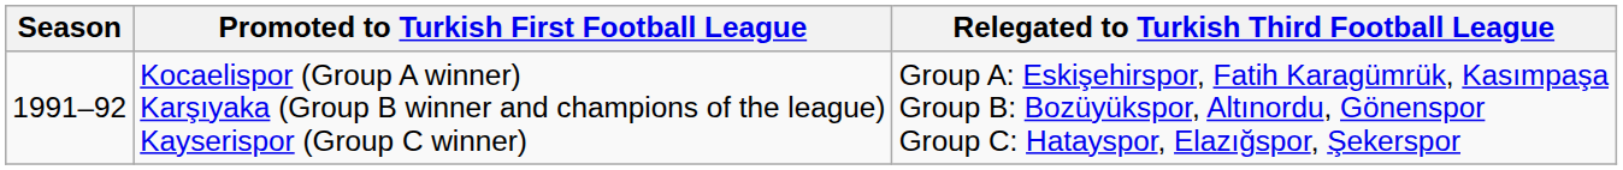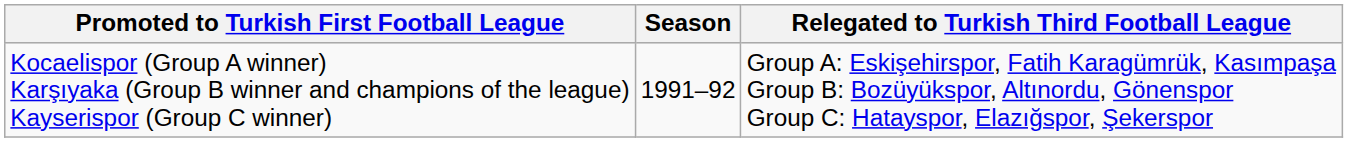 <table class="wikitable">
 <tr>
+<th>Promoted to <a href='#'>Turkish First Football League</a></th>
 <th>Season</th>
-<th>Promoted to <a href='#'>Turkish First Football League</a></th>
 <th>Relegated to <a href='#'>Turkish Third Football League</a></th>
 </tr>
 <tr>
+<td><a href='#'>Kocaelispor</a> (Group A winner)<br><a href='#'>Karşıyaka</a> (Group B winner and champions of the league)<br><a href='#'>Kayserispor</a> (Group C winner)</td>
 <td>1991–92</td>
-<td><a href='#'>Kocaelispor</a> (Group A winner)<br><a href='#'>Karşıyaka</a> (Group B winner and champions of the league)<br><a href='#'>Kayserispor</a> (Group C winner)</td>
 <td>Group A: <a href='#'>Eskişehirspor</a>, <a href='#'>Fatih Karagümrük</a>, <a href='#'>Kasımpaşa</a><br>Group B: <a href='#'>Bozüyükspor</a>, <a href='#'>Altınordu</a>, <a href='#'>Gönenspor</a><br>Group C: <a href='#'>Hatayspor</a>, <a href='#'>Elazığspor</a>, <a href='#'>Şekerspor</a></td>
 </tr>
 </table>
